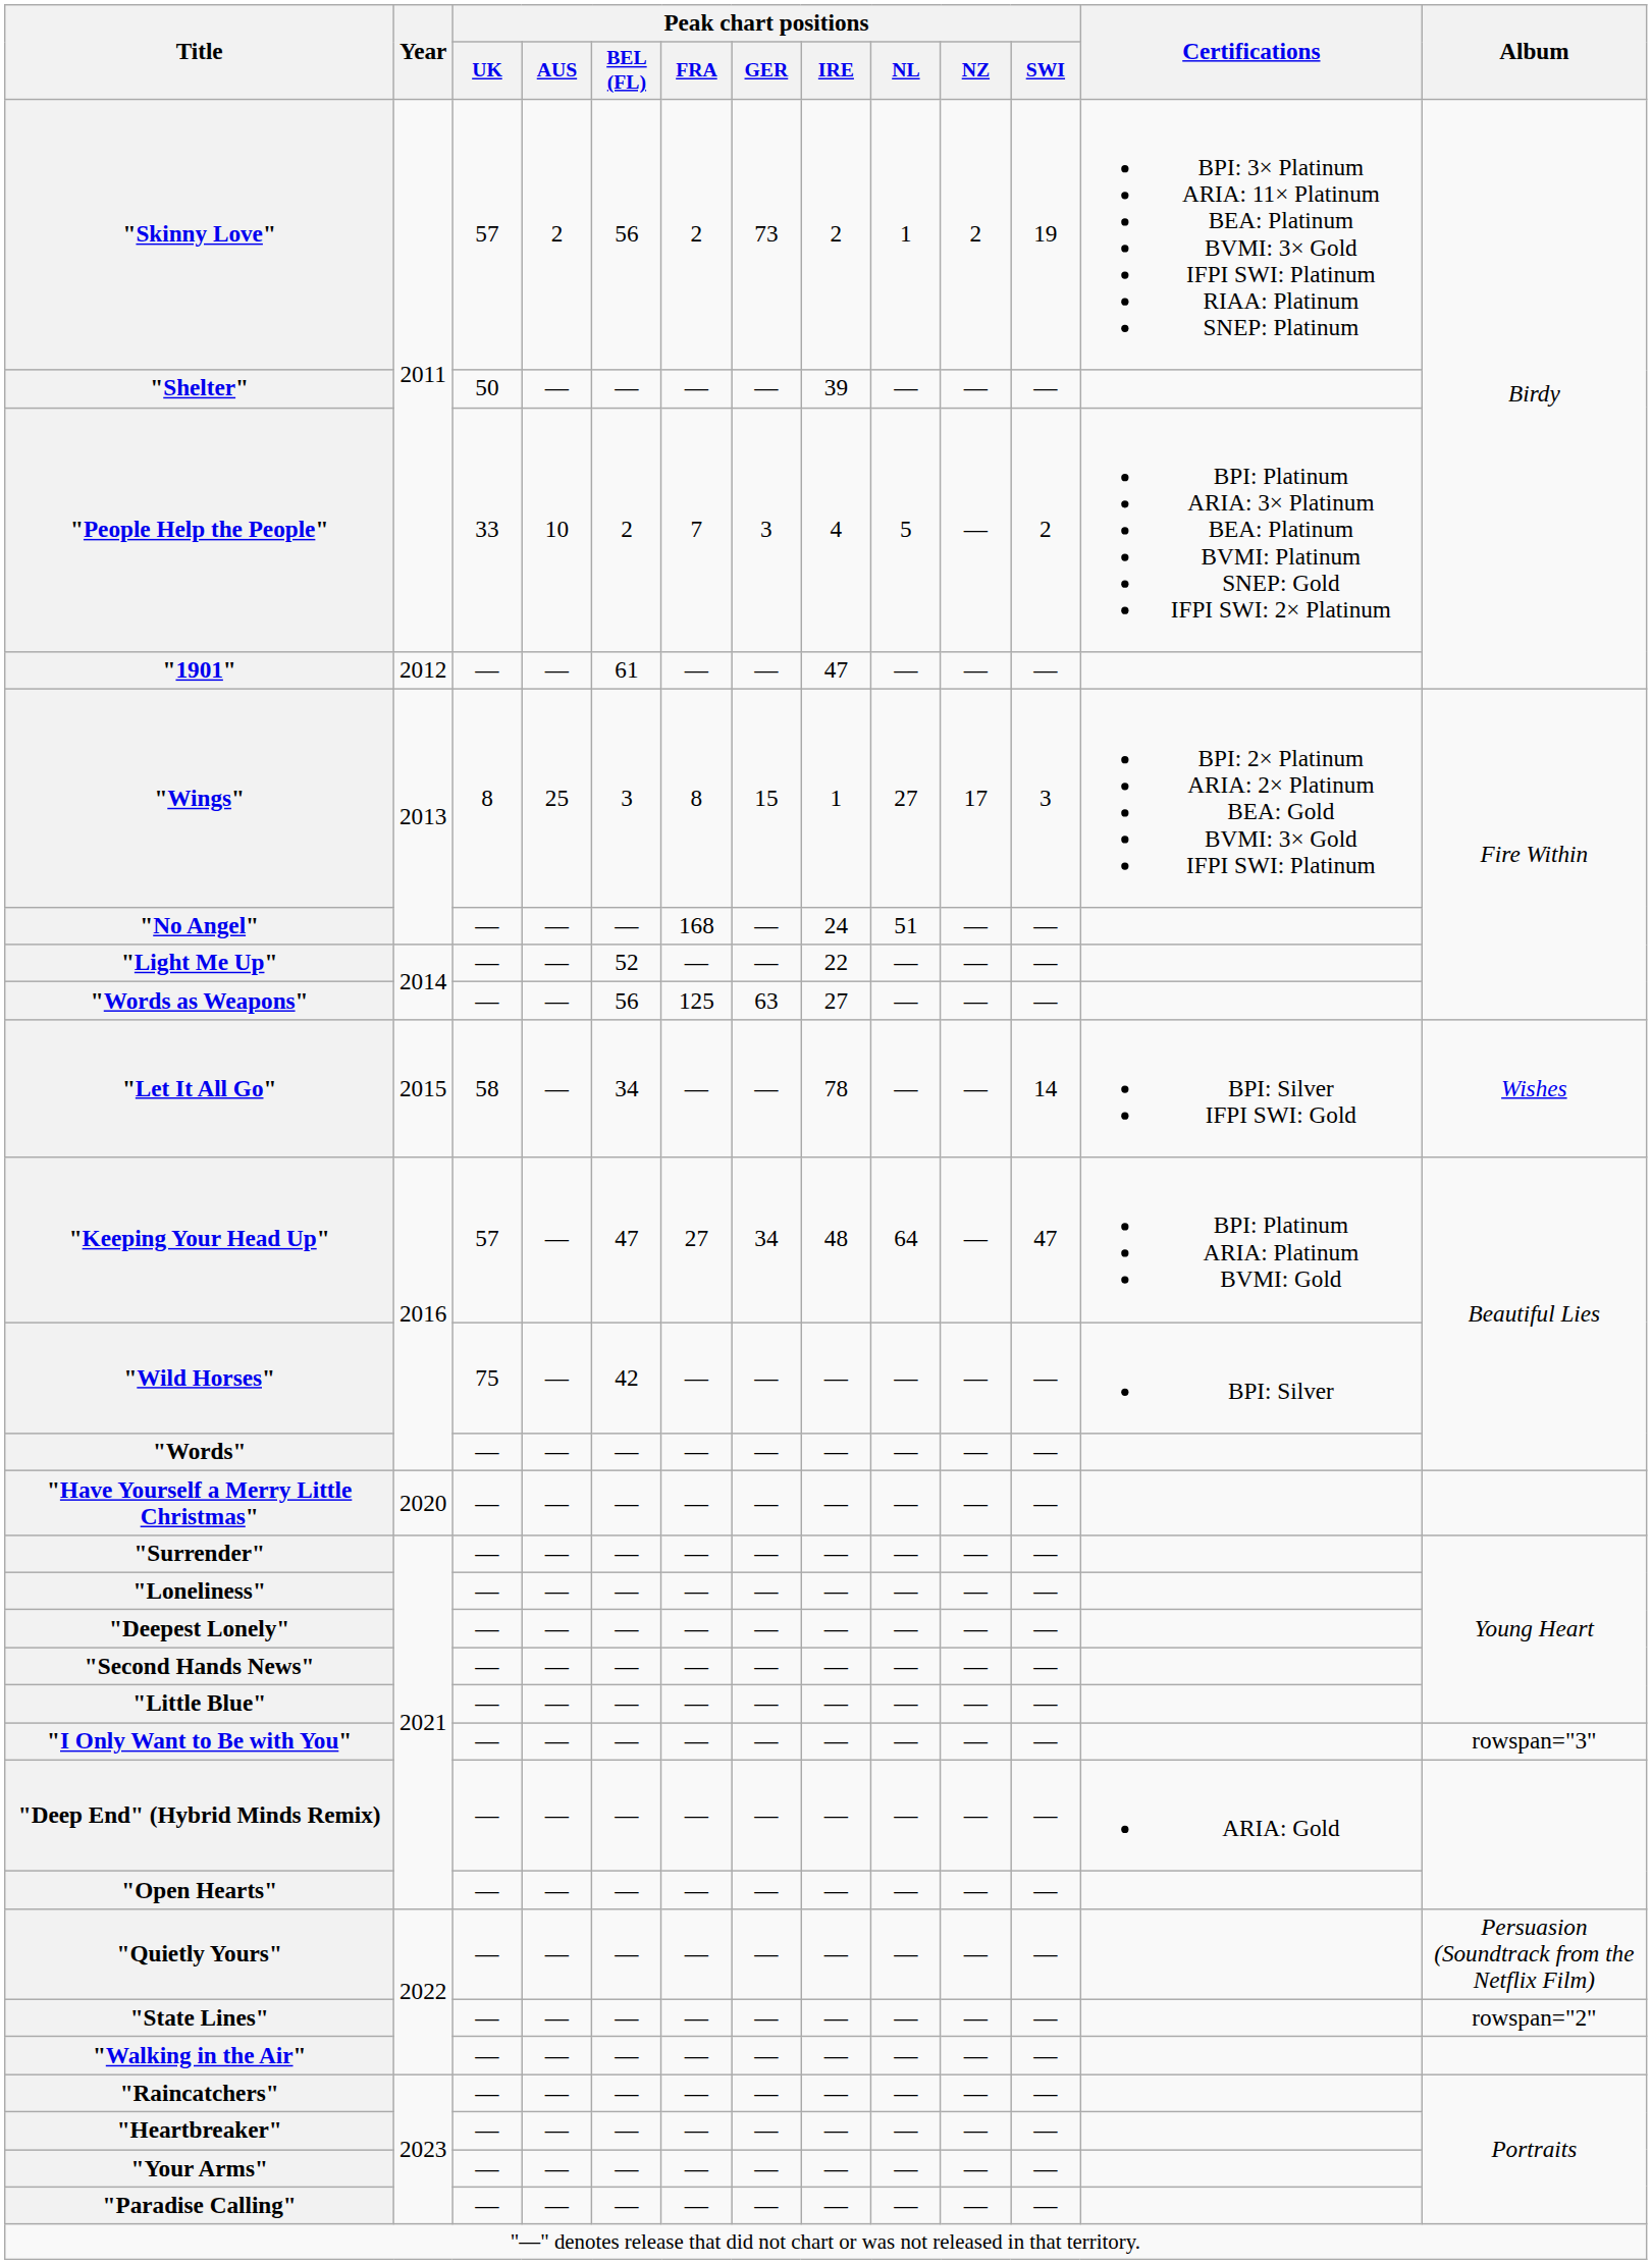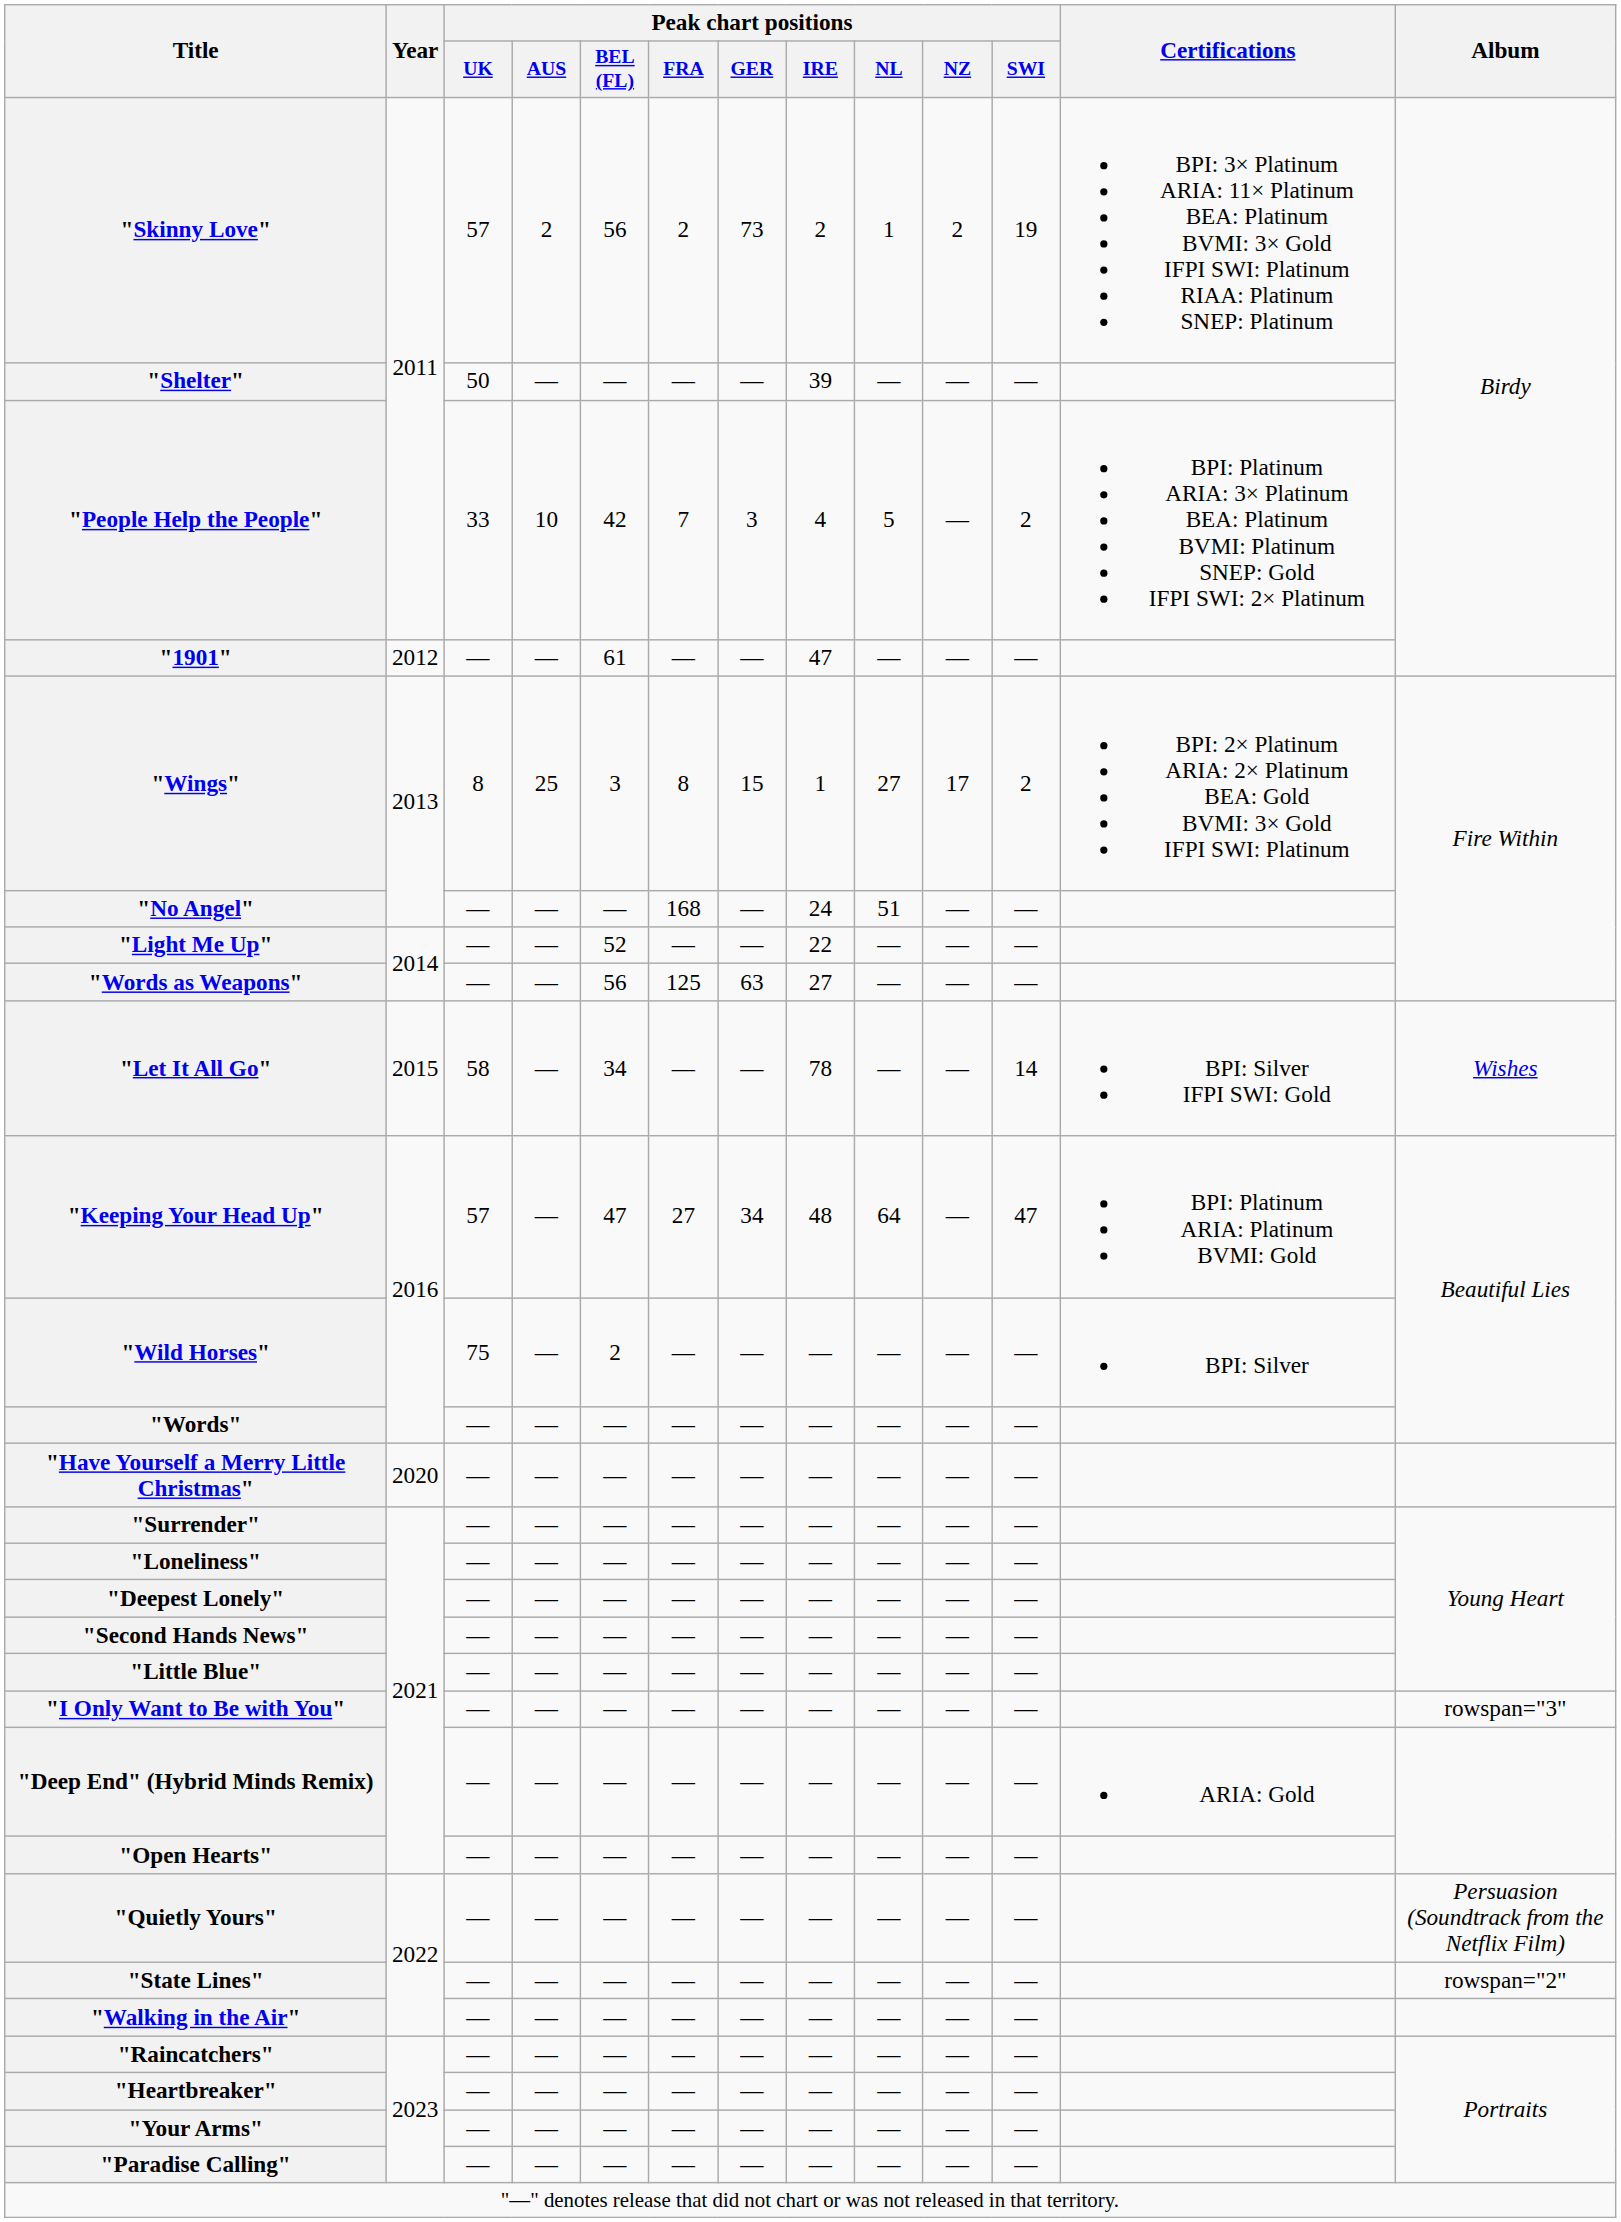 <table class="wikitable plainrowheaders" style="text-align:center;">
 <tr>
 <th scope="col" rowspan="2" style="width:16em;">Title</th>
 <th scope="col" rowspan="2" style="width:1em;">Year</th>
 <th scope="col" colspan="9">Peak chart positions</th>
 <th scope="col" rowspan="2" style="width:14em;"><a href='#'>Certifications</a></th>
 <th scope="col" rowspan="2" style="width:9em;">Album</th>
 </tr>
 <tr>
 <th scope="col" style="width:3em;font-size:85%;"><a href='#'>UK</a><br></th>
 <th scope="col" style="width:3em;font-size:85%;"><a href='#'>AUS</a><br></th>
 <th scope="col" style="width:3em;font-size:85%;"><a href='#'>BEL (FL)</a><br></th>
 <th scope="col" style="width:3em;font-size:85%;"><a href='#'>FRA</a><br></th>
 <th scope="col" style="width:3em;font-size:85%;"><a href='#'>GER</a><br></th>
 <th scope="col" style="width:3em;font-size:85%;"><a href='#'>IRE</a><br></th>
 <th scope="col" style="width:3em;font-size:85%;"><a href='#'>NL</a><br></th>
 <th scope="col" style="width:3em;font-size:85%;"><a href='#'>NZ</a><br></th>
 <th scope="col" style="width:3em;font-size:85%;"><a href='#'>SWI</a><br></th>
 </tr>
 <tr>
 <th scope="row">"<a href='#'>Skinny Love</a>"</th>
 <td rowspan="3">2011</td>
 <td>57</td>
 <td>2</td>
 <td>56</td>
 <td>2</td>
 <td>73</td>
 <td>2</td>
 <td>1</td>
 <td>2</td>
 <td>19</td>
 <td><br><ul><li>BPI: 3× Platinum</li><li>ARIA: 11× Platinum</li><li>BEA: Platinum</li><li>BVMI: 3× Gold</li><li>IFPI SWI: Platinum</li><li>RIAA: Platinum</li><li>SNEP: Platinum</li></ul></td>
 <td rowspan="4"><em>Birdy</em></td>
 </tr>
 <tr>
 <th scope="row">"<a href='#'>Shelter</a>"</th>
 <td>50</td>
 <td>—</td>
 <td>—</td>
 <td>—</td>
 <td>—</td>
 <td>39</td>
 <td>—</td>
 <td>—</td>
 <td>—</td>
 <td></td>
 </tr>
 <tr>
 <th scope="row">"<a href='#'>People Help the People</a>"</th>
 <td>33</td>
 <td>10</td>
-<td>2</td>
+<td>42</td>
 <td>7</td>
 <td>3</td>
 <td>4</td>
 <td>5</td>
 <td>—</td>
 <td>2</td>
 <td><br><ul><li>BPI: Platinum</li><li>ARIA: 3× Platinum</li><li>BEA: Platinum</li><li>BVMI: Platinum</li><li>SNEP: Gold</li><li>IFPI SWI: 2× Platinum</li></ul></td>
 </tr>
 <tr>
 <th scope="row">"<a href='#'>1901</a>"</th>
 <td>2012</td>
 <td>—</td>
 <td>—</td>
 <td>61</td>
 <td>—</td>
 <td>—</td>
 <td>47</td>
 <td>—</td>
 <td>—</td>
 <td>—</td>
 <td></td>
 </tr>
 <tr>
 <th scope="row">"<a href='#'>Wings</a>"</th>
 <td rowspan="2">2013</td>
 <td>8</td>
 <td>25</td>
 <td>3</td>
 <td>8</td>
 <td>15</td>
 <td>1</td>
 <td>27</td>
 <td>17</td>
-<td>3</td>
+<td>2</td>
 <td><br><ul><li>BPI: 2× Platinum</li><li>ARIA: 2× Platinum</li><li>BEA: Gold</li><li>BVMI: 3× Gold</li><li>IFPI SWI: Platinum</li></ul></td>
 <td rowspan="4"><em>Fire Within</em></td>
 </tr>
 <tr>
 <th scope="row">"<a href='#'>No Angel</a>"</th>
 <td>—</td>
 <td>—</td>
 <td>—</td>
 <td>168</td>
 <td>—</td>
 <td>24</td>
 <td>51</td>
 <td>—</td>
 <td>—</td>
 <td></td>
 </tr>
 <tr>
 <th scope="row">"<a href='#'>Light Me Up</a>"</th>
 <td rowspan="2">2014</td>
 <td>—</td>
 <td>—</td>
 <td>52</td>
 <td>—</td>
 <td>—</td>
 <td>22</td>
 <td>—</td>
 <td>—</td>
 <td>—</td>
 <td></td>
 </tr>
 <tr>
 <th scope="row">"<a href='#'>Words as Weapons</a>"</th>
 <td>—</td>
 <td>—</td>
 <td>56</td>
 <td>125</td>
 <td>63</td>
 <td>27</td>
 <td>—</td>
 <td>—</td>
 <td>—</td>
 <td></td>
 </tr>
 <tr>
 <th scope="row">"<a href='#'>Let It All Go</a>"<br></th>
 <td>2015</td>
 <td>58</td>
 <td>—</td>
 <td>34</td>
 <td>—</td>
 <td>—</td>
 <td>78</td>
 <td>—</td>
 <td>—</td>
 <td>14</td>
 <td><br><ul><li>BPI: Silver</li><li>IFPI SWI: Gold</li></ul></td>
 <td><em><a href='#'>Wishes</a></em></td>
 </tr>
 <tr>
 <th scope="row">"<a href='#'>Keeping Your Head Up</a>"</th>
 <td rowspan="3">2016</td>
 <td>57</td>
 <td>—</td>
 <td>47</td>
 <td>27</td>
 <td>34</td>
 <td>48</td>
 <td>64</td>
 <td>—</td>
 <td>47</td>
 <td><br><ul><li>BPI: Platinum</li><li>ARIA: Platinum</li><li>BVMI: Gold</li></ul></td>
 <td rowspan="3"><em>Beautiful Lies</em></td>
 </tr>
 <tr>
 <th scope="row">"<a href='#'>Wild Horses</a>"</th>
 <td>75</td>
 <td>—</td>
-<td>42</td>
+<td>2</td>
 <td>—</td>
 <td>—</td>
 <td>—</td>
 <td>—</td>
 <td>—</td>
 <td>—</td>
 <td><br><ul><li>BPI: Silver</li></ul></td>
 </tr>
 <tr>
 <th scope="row">"Words"</th>
 <td>—</td>
 <td>—</td>
 <td>—</td>
 <td>—</td>
 <td>—</td>
 <td>—</td>
 <td>—</td>
 <td>—</td>
 <td>—</td>
 <td></td>
 </tr>
 <tr>
 <th scope="row">"<a href='#'>Have Yourself a Merry Little Christmas</a>"</th>
 <td>2020</td>
 <td>—</td>
 <td>—</td>
 <td>—</td>
 <td>—</td>
 <td>—</td>
 <td>—</td>
 <td>—</td>
 <td>—</td>
 <td>—</td>
 <td></td>
 <td></td>
 </tr>
 <tr>
 <th scope="row">"Surrender"</th>
 <td rowspan="8">2021</td>
 <td>—</td>
 <td>—</td>
 <td>—</td>
 <td>—</td>
 <td>—</td>
 <td>—</td>
 <td>—</td>
 <td>—</td>
 <td>—</td>
 <td></td>
 <td rowspan="5"><em>Young Heart</em></td>
 </tr>
 <tr>
 <th scope="row">"Loneliness"</th>
 <td>—</td>
 <td>—</td>
 <td>—</td>
 <td>—</td>
 <td>—</td>
 <td>—</td>
 <td>—</td>
 <td>—</td>
 <td>—</td>
 <td></td>
 </tr>
 <tr>
 <th scope="row">"Deepest Lonely"</th>
 <td>—</td>
 <td>—</td>
 <td>—</td>
 <td>—</td>
 <td>—</td>
 <td>—</td>
 <td>—</td>
 <td>—</td>
 <td>—</td>
 <td></td>
 </tr>
 <tr>
 <th scope="row">"Second Hands News"</th>
 <td>—</td>
 <td>—</td>
 <td>—</td>
 <td>—</td>
 <td>—</td>
 <td>—</td>
 <td>—</td>
 <td>—</td>
 <td>—</td>
 <td></td>
 </tr>
 <tr>
 <th scope="row">"Little Blue"</th>
 <td>—</td>
 <td>—</td>
 <td>—</td>
 <td>—</td>
 <td>—</td>
 <td>—</td>
 <td>—</td>
 <td>—</td>
 <td>—</td>
 <td></td>
 </tr>
 <tr>
 <th scope="row">"<a href='#'>I Only Want to Be with You</a>"</th>
 <td>—</td>
 <td>—</td>
 <td>—</td>
 <td>—</td>
 <td>—</td>
 <td>—</td>
 <td>—</td>
 <td>—</td>
 <td>—</td>
 <td></td>
 <td>rowspan="3" </td>
 </tr>
 <tr>
 <th scope="row">"Deep End" (Hybrid Minds Remix)</th>
 <td>—</td>
 <td>—</td>
 <td>—</td>
 <td>—</td>
 <td>—</td>
 <td>—</td>
 <td>—</td>
 <td>—</td>
 <td>—</td>
 <td><br><ul><li>ARIA: Gold</li></ul></td>
 </tr>
 <tr>
 <th scope="row">"Open Hearts"<br></th>
 <td>—</td>
 <td>—</td>
 <td>—</td>
 <td>—</td>
 <td>—</td>
 <td>—</td>
 <td>—</td>
 <td>—</td>
 <td>—</td>
 <td></td>
 </tr>
 <tr>
 <th scope="row">"Quietly Yours"</th>
 <td rowspan="3">2022</td>
 <td>—</td>
 <td>—</td>
 <td>—</td>
 <td>—</td>
 <td>—</td>
 <td>—</td>
 <td>—</td>
 <td>—</td>
 <td>—</td>
 <td></td>
 <td><em>Persuasion (Soundtrack from the Netflix Film)</em></td>
 </tr>
 <tr>
 <th scope="row">"State Lines"<br></th>
 <td>—</td>
 <td>—</td>
 <td>—</td>
 <td>—</td>
 <td>—</td>
 <td>—</td>
 <td>—</td>
 <td>—</td>
 <td>—</td>
 <td></td>
 <td>rowspan="2" </td>
 </tr>
 <tr>
 <th scope="row">"<a href='#'>Walking in the Air</a>"</th>
 <td>—</td>
 <td>—</td>
 <td>—</td>
 <td>—</td>
 <td>—</td>
 <td>—</td>
 <td>—</td>
 <td>—</td>
 <td>—</td>
 <td></td>
 </tr>
 <tr>
 <th scope="row">"Raincatchers"</th>
 <td rowspan="4">2023</td>
 <td>—</td>
 <td>—</td>
 <td>—</td>
 <td>—</td>
 <td>—</td>
 <td>—</td>
 <td>—</td>
 <td>—</td>
 <td>—</td>
 <td></td>
 <td rowspan="4"><em>Portraits</em></td>
 </tr>
 <tr>
 <th scope="row">"Heartbreaker"</th>
 <td>—</td>
 <td>—</td>
 <td>—</td>
 <td>—</td>
 <td>—</td>
 <td>—</td>
 <td>—</td>
 <td>—</td>
 <td>—</td>
 <td></td>
 </tr>
 <tr>
 <th scope="row">"Your Arms"</th>
 <td>—</td>
 <td>—</td>
 <td>—</td>
 <td>—</td>
 <td>—</td>
 <td>—</td>
 <td>—</td>
 <td>—</td>
 <td>—</td>
 <td></td>
 </tr>
 <tr>
 <th scope="row">"Paradise Calling"</th>
 <td>—</td>
 <td>—</td>
 <td>—</td>
 <td>—</td>
 <td>—</td>
 <td>—</td>
 <td>—</td>
 <td>—</td>
 <td>—</td>
 <td></td>
 </tr>
 <tr>
 <td colspan="14" style="font-size:90%">"—" denotes release that did not chart or was not released in that territory.</td>
 </tr>
 </table>
